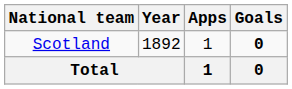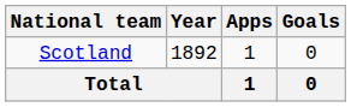 <table class=wikitable style="text-align: center">
 <tr>
 <th>National team</th>
 <th>Year</th>
 <th>Apps</th>
 <th>Goals</th>
 </tr>
 <tr>
 <td><a href='#'>Scotland</a></td>
 <td>1892</td>
 <td>1</td>
-<td><strong>0</strong></td>
+<td>0</td>
 </tr>
 <tr>
 <th colspan=2>Total</th>
 <th>1</th>
 <th>0</th>
 </tr>
 </table>
